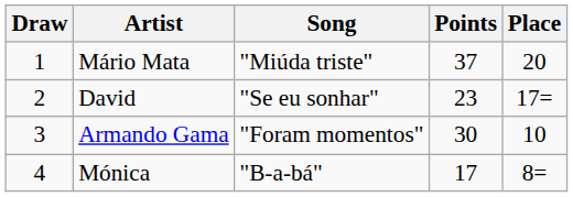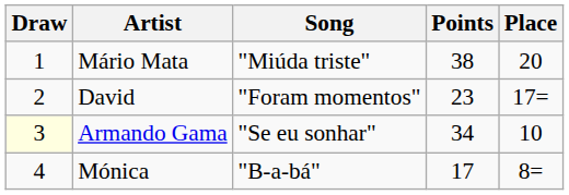 <table class="sortable wikitable" style="margin: 1em auto 1em auto; text-align:center">
 <tr>
 <th>Draw</th>
 <th>Artist</th>
 <th>Song</th>
 <th>Points</th>
 <th>Place</th>
 </tr>
 <tr>
 <td>1</td>
 <td align="left">Mário Mata</td>
 <td align="left">"Miúda triste"</td>
-<td>37</td>
+<td>38</td>
 <td>20</td>
 </tr>
 <tr>
 <td>2</td>
 <td align="left">David</td>
-<td align="left">"Se eu sonhar"</td>
+<td align="left">"Foram momentos"</td>
 <td>23</td>
 <td>17=</td>
 </tr>
 <tr>
-<td>3</td>
+<td style="background: lightyellow;">3</td>
 <td align="left"><a href='#'>Armando Gama</a></td>
-<td align="left">"Foram momentos"</td>
-<td>30</td>
+<td align="left">"Se eu sonhar"</td>
+<td>34</td>
 <td>10</td>
 </tr>
 <tr>
 <td>4</td>
 <td align="left">Mónica</td>
 <td align="left">"B-a-bá"</td>
 <td>17</td>
 <td>8=</td>
 </tr>
 </table>
